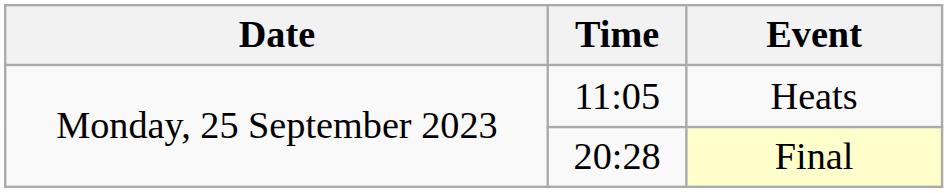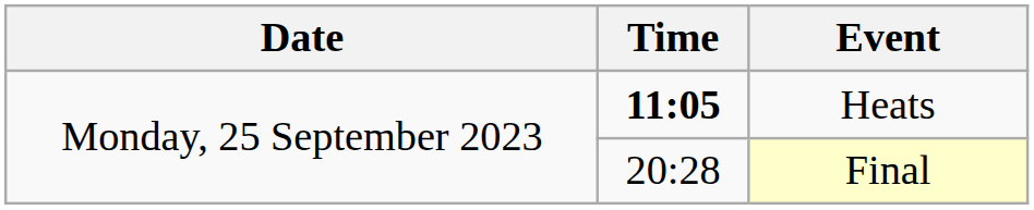 <table class = "wikitable" style="text-align:center;">
 <tr>
 <th width=220>Date</th>
 <th width=50>Time</th>
 <th width=100>Event</th>
 </tr>
 <tr>
 <td rowspan=2>Monday, 25 September 2023</td>
-<td>11:05</td>
+<td><strong>11:05</strong></td>
 <td>Heats</td>
 </tr>
 <tr>
 <td>20:28</td>
 <td bgcolor=ffffcc>Final</td>
 </tr>
 </table>
